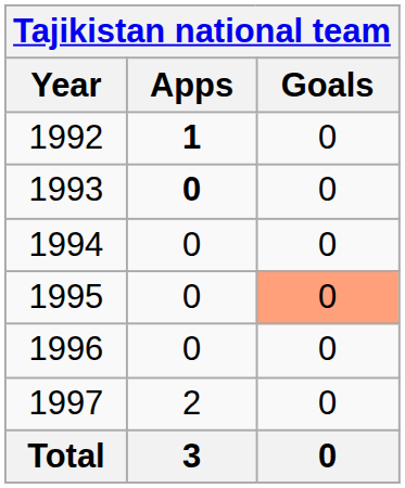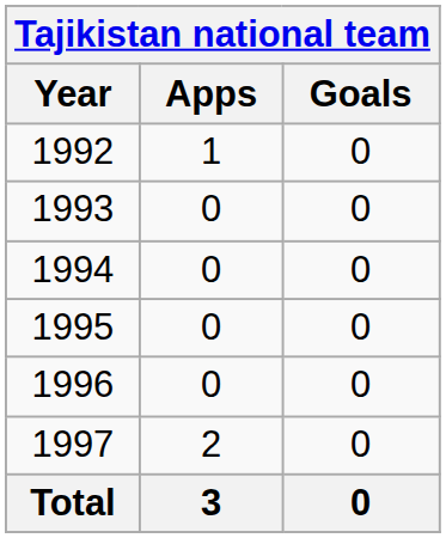 <table class="wikitable" style="text-align:center">
 <tr>
 <th colspan=3><a href='#'>Tajikistan national team</a></th>
 </tr>
 <tr>
 <th>Year</th>
 <th>Apps</th>
 <th>Goals</th>
 </tr>
 <tr>
 <td>1992</td>
-<td><strong>1</strong></td>
+<td>1</td>
 <td>0</td>
 </tr>
 <tr>
 <td>1993</td>
-<td><strong>0</strong></td>
+<td>0</td>
 <td>0</td>
 </tr>
 <tr>
 <td>1994</td>
 <td>0</td>
 <td>0</td>
 </tr>
 <tr>
 <td>1995</td>
 <td>0</td>
-<td style="background: lightsalmon;">0</td>
+<td>0</td>
 </tr>
 <tr>
 <td>1996</td>
 <td>0</td>
 <td>0</td>
 </tr>
 <tr>
 <td>1997</td>
 <td>2</td>
 <td>0</td>
 </tr>
 <tr>
 <th>Total</th>
 <th>3</th>
 <th>0</th>
 </tr>
 </table>
